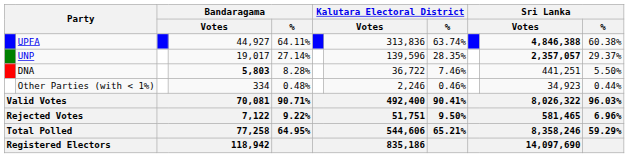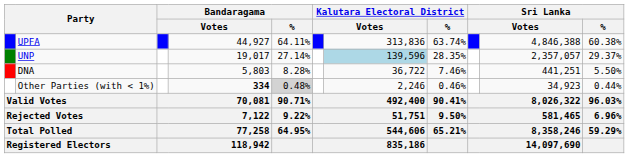 <table class="wikitable">
 <tr>
 <th colspan="2" width="144px"rowspan="2">Party</th>
 <th colspan="3" width="216px">Bandaragama</th>
 <th colspan="3" width="216px"><a href='#'>Kalutara Electoral District</a></th>
 <th colspan="3" width="216px">Sri Lanka</th>
 </tr>
 <tr>
 <th colspan="2" width="144px">Votes</th>
 <th>%</th>
 <th colspan="2" width="144px">Votes</th>
 <th>%</th>
 <th colspan="2" width="144px">Votes</th>
 <th>%</th>
 </tr>
 <tr>
 <td style="background-color:blue;" width="10px"></td>
 <td style="text-align:left;"><a href='#'>UPFA</a></td>
 <td style="background-color:blue;" width="10px"></td>
 <td style="text-align:right;">44,927</td>
 <td style="text-align:right;">64.11%</td>
 <td style="background-color:blue;" width="10px"></td>
 <td style="text-align:right;">313,836</td>
 <td style="text-align:right;">63.74%</td>
 <td style="background-color:blue;" width="10px"></td>
-<td style="text-align:right;"><strong>4,846,388</strong></td>
+<td style="text-align:right;">4,846,388</td>
 <td style="text-align:right;">60.38%</td>
 </tr>
 <tr>
 <td style="background-color:green;" width="10px"></td>
 <td style="text-align:left;"><a href='#'>UNP</a></td>
 <td style="background-color:white;" width="10px"></td>
 <td style="text-align:right;">19,017</td>
 <td style="text-align:right;">27.14%</td>
 <td style="background-color:white;" width="10px"></td>
-<td style="text-align:right;">139,596</td>
+<td style="background: lightblue; text-align:right;">139,596</td>
 <td style="text-align:right;">28.35%</td>
 <td style="background-color:white;" width="10px"></td>
-<td style="text-align:right;"><strong>2,357,057</strong></td>
+<td style="text-align:right;">2,357,057</td>
 <td style="text-align:right;">29.37%</td>
 </tr>
 <tr>
 <td style="background-color:red;" width="10px"></td>
 <td style="text-align:left;">DNA</td>
 <td style="background-color:white;" width="10px"></td>
-<td style="text-align:right;"><strong>5,803</strong></td>
+<td style="text-align:right;">5,803</td>
 <td style="text-align:right;">8.28%</td>
 <td style="background-color:white;" width="10px"></td>
 <td style="text-align:right;">36,722</td>
 <td style="text-align:right;">7.46%</td>
 <td style="background-color:white;" width="10px"></td>
 <td style="text-align:right;">441,251</td>
 <td style="text-align:right;">5.50%</td>
 </tr>
 <tr>
 <td style="background-color:white;" width="10px"></td>
 <td style="text-align:left;">Other Parties (with < 1%)</td>
 <td style="background-color:white;" width="10px"></td>
-<td style="text-align:right;">334</td>
-<td style="text-align:right;">0.48%</td>
+<td style="text-align:right;"><strong>334</strong></td>
+<td style="background: lightgrey; text-align:right;">0.48%</td>
 <td style="background-color:white;" width="10px"></td>
 <td style="text-align:right;">2,246</td>
 <td style="text-align:right;">0.46%</td>
 <td style="background-color:white;" width="10px"></td>
 <td style="text-align:right;">34,923</td>
 <td style="text-align:right;">0.44%</td>
 </tr>
 <tr>
 <th colspan="2" width="144px"style="text-align:left;">Valid Votes</th>
 <th style="text-align:right;"colspan="2" width="144px">70,081</th>
 <th style="text-align:right;">90.71%</th>
 <th style="text-align:right;"colspan="2" width="144px">492,400</th>
 <th style="text-align:right;">90.41%</th>
 <th style="text-align:right;"colspan="2" width="144px">8,026,322</th>
 <th style="text-align:right;">96.03%</th>
 </tr>
 <tr>
 <th colspan="2" width="144px"style="text-align:left;">Rejected Votes</th>
 <th style="text-align:right;"colspan="2" width="144px">7,122</th>
 <th style="text-align:right;">9.22%</th>
 <th style="text-align:right;"colspan="2" width="144px">51,751</th>
 <th style="text-align:right;">9.50%</th>
 <th style="text-align:right;"colspan="2" width="144px">581,465</th>
 <th style="text-align:right;">6.96%</th>
 </tr>
 <tr>
 <th colspan="2" width="144px"style="text-align:left;">Total Polled</th>
 <th style="text-align:right;"colspan="2" width="144px">77,258</th>
 <th style="text-align:right;">64.95%</th>
 <th style="text-align:right;"colspan="2" width="144px">544,606</th>
 <th style="text-align:right;">65.21%</th>
 <th style="text-align:right;"colspan="2" width="144px">8,358,246</th>
 <th style="text-align:right;">59.29%</th>
 </tr>
 <tr>
 <th colspan="2" width="144px"style="text-align:left;">Registered Electors</th>
 <th style="text-align:right;"colspan="2" width="144px">118,942</th>
 <th></th>
 <th style="text-align:right;"colspan="2" width="144px">835,186</th>
 <th></th>
 <th style="text-align:right;"colspan="2" width="144px">14,097,690</th>
 <th></th>
 </tr>
 </table>
